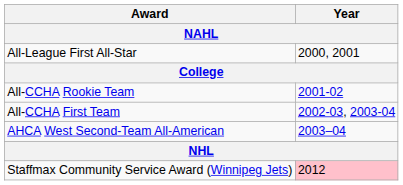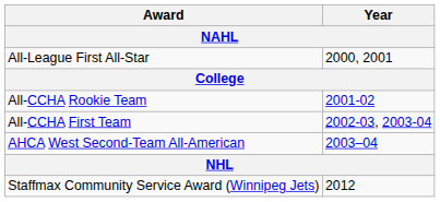 <table class="wikitable">
 <tr>
 <th>Award</th>
 <th>Year</th>
 </tr>
 <tr>
 <th colspan="3"><a href='#'>NAHL</a></th>
 </tr>
 <tr>
 <td>All-League First All-Star</td>
 <td>2000, 2001</td>
 </tr>
 <tr>
 <th colspan="3"><a href='#'>College</a></th>
 </tr>
 <tr>
 <td>All-<a href='#'>CCHA</a> <a href='#'>Rookie Team</a></td>
 <td><a href='#'>2001-02</a></td>
 </tr>
 <tr>
 <td>All-<a href='#'>CCHA</a> <a href='#'>First Team</a></td>
 <td><a href='#'>2002-03</a>, <a href='#'>2003-04</a></td>
 </tr>
 <tr>
 <td><a href='#'>AHCA</a> <a href='#'>West Second-Team All-American</a></td>
 <td><a href='#'>2003–04</a></td>
 </tr>
 <tr>
 <th colspan="3"><a href='#'>NHL</a></th>
 </tr>
 <tr>
 <td>Staffmax Community Service Award (<a href='#'>Winnipeg Jets</a>)</td>
-<td style="background: pink;">2012</td>
+<td>2012</td>
 </tr>
 </table>
